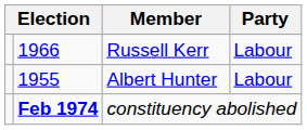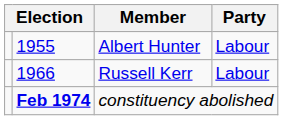 <table class="wikitable">
 <tr>
 <th colspan="2">Election</th>
 <th>Member</th>
 <th>Party</th>
 </tr>
 <tr>
 <td style="color:inherit;background-color: "></td>
-<td><a href='#'>1966</a></td>
-<td><a href='#'>Russell Kerr</a></td>
+<td><a href='#'>1955</a></td>
+<td><a href='#'>Albert Hunter</a></td>
 <td><a href='#'>Labour</a></td>
 </tr>
 <tr>
 <td style="color:inherit;background-color: "></td>
-<td><a href='#'>1955</a></td>
-<td><a href='#'>Albert Hunter</a></td>
+<td><a href='#'>1966</a></td>
+<td><a href='#'>Russell Kerr</a></td>
 <td><a href='#'>Labour</a></td>
 </tr>
 <tr>
 <td></td>
 <td><strong><a href='#'>Feb 1974</a></strong></td>
 <td colspan="2"><em>constituency abolished</em></td>
 </tr>
 </table>
